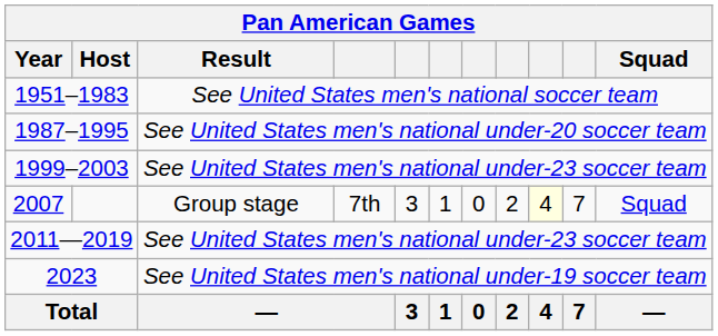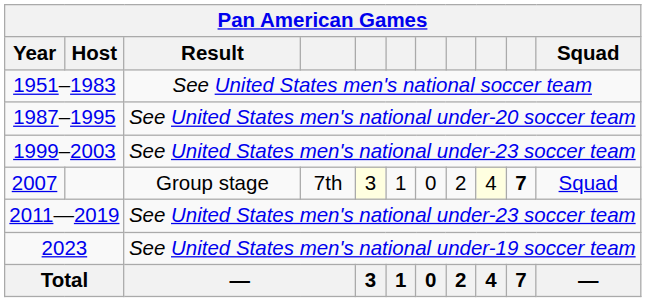 <table class="wikitable" style="text-align: center;font-size:100%;">
 <tr>
 <th colspan="11"><a href='#'>Pan American Games</a></th>
 </tr>
 <tr>
 <th>Year</th>
 <th>Host</th>
 <th>Result</th>
 <th></th>
 <th></th>
 <th></th>
 <th></th>
 <th></th>
 <th></th>
 <th></th>
 <th>Squad</th>
 </tr>
 <tr>
 <td colspan=2><a href='#'>1951</a>–<a href='#'>1983</a></td>
 <td colspan=9><em>See <a href='#'>United States men's national soccer team</a></em></td>
 </tr>
 <tr>
 <td colspan=2><a href='#'>1987</a>–<a href='#'>1995</a></td>
 <td colspan=9><em>See <a href='#'>United States men's national under-20 soccer team</a></em></td>
 </tr>
 <tr>
 <td colspan=2><a href='#'>1999</a>–<a href='#'>2003</a></td>
 <td colspan=9><em>See <a href='#'>United States men's national under-23 soccer team</a></em></td>
 </tr>
 <tr>
 <td><a href='#'>2007</a></td>
 <td align=left></td>
 <td>Group stage</td>
 <td>7th</td>
-<td>3</td>
+<td style="background: lightyellow;">3</td>
 <td>1</td>
 <td>0</td>
 <td>2</td>
 <td style="background: lightyellow;">4</td>
-<td>7</td>
+<td><strong>7</strong></td>
 <td><a href='#'>Squad</a></td>
 </tr>
 <tr>
 <td colspan=2><a href='#'>2011</a>—<a href='#'>2019</a></td>
 <td colspan=9><em>See <a href='#'>United States men's national under-23 soccer team</a></em></td>
 </tr>
 <tr>
 <td colspan=2><a href='#'>2023</a></td>
 <td colspan=9><em>See <a href='#'>United States men's national under-19 soccer team</a></em></td>
 </tr>
 <tr>
 <th colspan=2>Total</th>
 <th colspan=2>—</th>
 <th>3</th>
 <th>1</th>
 <th>0</th>
 <th>2</th>
 <th>4</th>
 <th>7</th>
 <th>—</th>
 </tr>
 </table>
